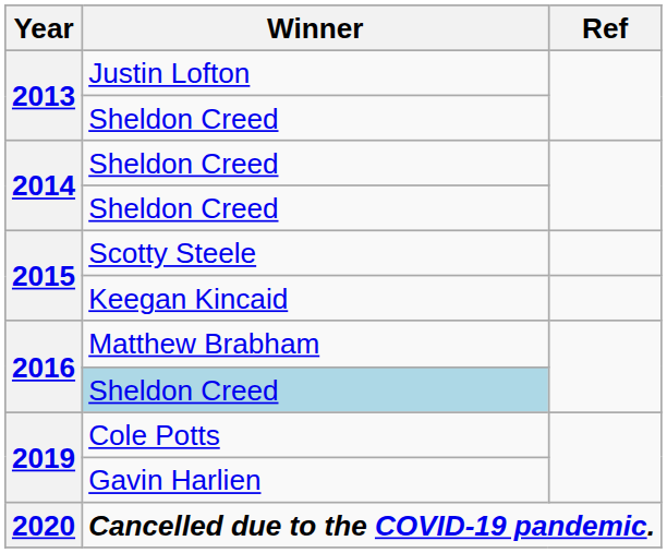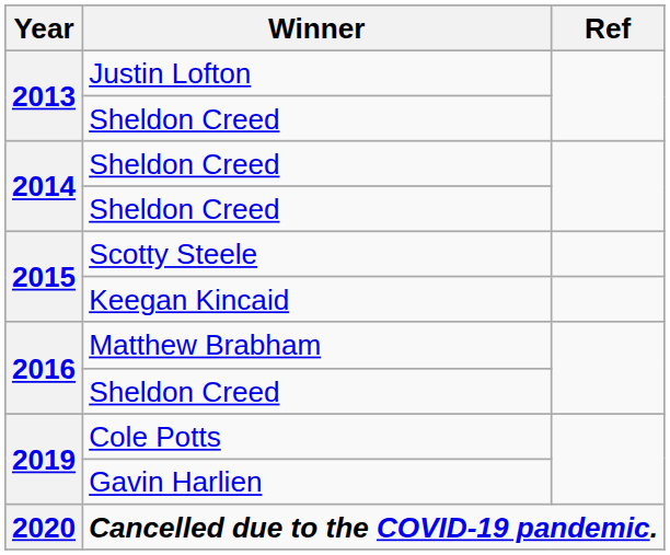 <table class="wikitable" style="font-size: 95%;">
 <tr>
 <th>Year</th>
 <th>Winner</th>
 <th>Ref</th>
 </tr>
 <tr>
 <th rowspan=2><a href='#'>2013</a></th>
 <td> <a href='#'>Justin Lofton</a></td>
 <td rowspan=2></td>
 </tr>
 <tr>
 <td> <a href='#'>Sheldon Creed</a></td>
 </tr>
 <tr>
 <th rowspan=2><a href='#'>2014</a></th>
 <td> <a href='#'>Sheldon Creed</a></td>
 <td rowspan=2></td>
 </tr>
 <tr>
 <td> <a href='#'>Sheldon Creed</a></td>
 </tr>
 <tr>
 <th rowspan=2><a href='#'>2015</a></th>
 <td> <a href='#'>Scotty Steele</a></td>
 <td></td>
 </tr>
 <tr>
 <td> <a href='#'>Keegan Kincaid</a></td>
 <td></td>
 </tr>
 <tr>
 <th rowspan=2><a href='#'>2016</a></th>
 <td> <a href='#'>Matthew Brabham</a></td>
 <td rowspan=2></td>
 </tr>
 <tr>
-<td style="background: lightblue;"> <a href='#'>Sheldon Creed</a></td>
+<td> <a href='#'>Sheldon Creed</a></td>
 </tr>
 <tr>
 <th rowspan=2><a href='#'>2019</a></th>
 <td> <a href='#'>Cole Potts</a></td>
 <td rowspan=2></td>
 </tr>
 <tr>
 <td> <a href='#'>Gavin Harlien</a></td>
 </tr>
 <tr>
 <th><a href='#'>2020</a></th>
 <td colspan="2"><strong><em>Cancelled due to the <a href='#'>COVID-19 pandemic</a>.</em></strong></td>
 </tr>
 </table>
